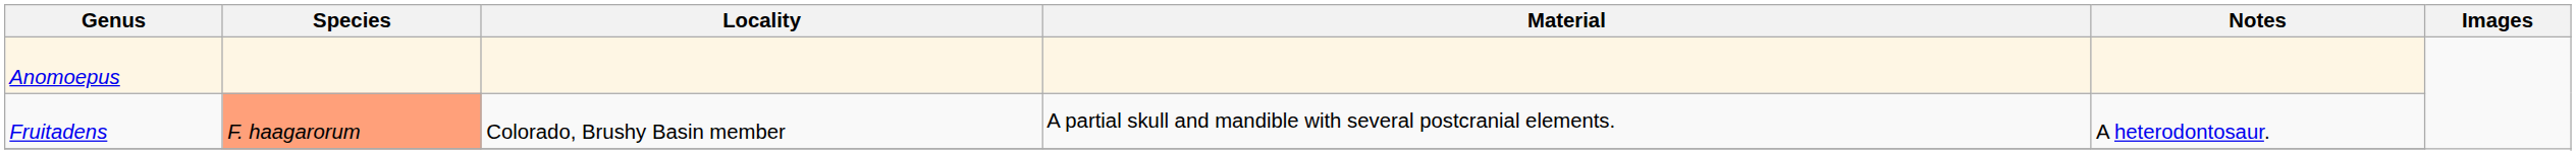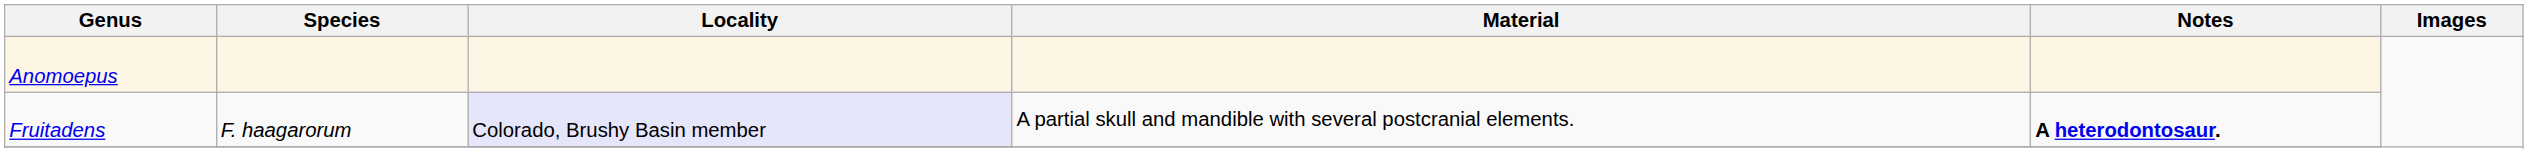 <table class="wikitable" align="center" width="100%">
 <tr>
 <th>Genus</th>
 <th>Species</th>
 <th>Locality</th>
 <th>Material</th>
 <th>Notes</th>
 <th>Images</th>
 </tr>
 <tr>
 <td style="background:#FEF6E4;"><br><em><a href='#'>Anomoepus</a></em></td>
 <td style="background:#FEF6E4;"></td>
 <td style="background:#FEF6E4;"></td>
 <td style="background:#FEF6E4;"></td>
 <td style="background:#FEF6E4;"></td>
 <td rowspan="34"><br></td>
 </tr>
 <tr>
 <td><br><em><a href='#'>Fruitadens</a></em></td>
-<td style="background: lightsalmon;"><br><em>F. haagarorum</em></td>
-<td><br>Colorado, Brushy Basin member</td>
+<td><br><em>F. haagarorum</em></td>
+<td style="background: lavender;"><br>Colorado, Brushy Basin member</td>
 <td>A partial skull and mandible with several postcranial elements.</td>
-<td><br>A <a href='#'>heterodontosaur</a>.</td>
+<td><strong><br>A <a href='#'>heterodontosaur</a>.</strong></td>
 </tr>
 <tr>
 </tr>
 </table>
